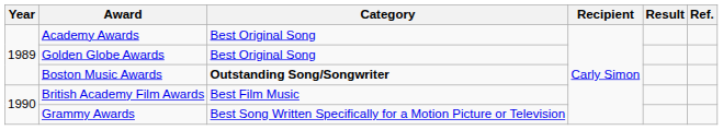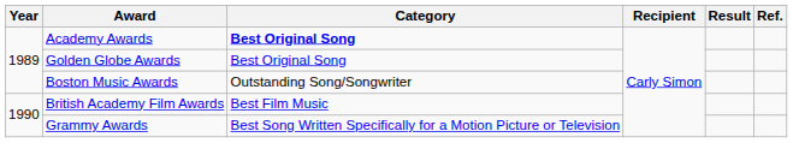 <table class="wikitable">
 <tr>
 <th>Year</th>
 <th>Award</th>
 <th>Category</th>
 <th>Recipient</th>
 <th>Result</th>
 <th>Ref.</th>
 </tr>
 <tr>
 <td align="left" rowspan="3">1989</td>
 <td><a href='#'>Academy Awards</a></td>
-<td><a href='#'>Best Original Song</a></td>
+<td><strong><a href='#'>Best Original Song</a></strong></td>
 <td align="left" rowspan="5"><a href='#'>Carly Simon</a></td>
 <td></td>
 <td align="center"></td>
 </tr>
 <tr>
 <td><a href='#'>Golden Globe Awards</a></td>
 <td><a href='#'>Best Original Song</a></td>
 <td></td>
 <td align="center"></td>
 </tr>
 <tr>
 <td><a href='#'>Boston Music Awards</a></td>
-<td><strong>Outstanding Song/Songwriter</strong></td>
+<td>Outstanding Song/Songwriter</td>
 <td></td>
 <td align="center"></td>
 </tr>
 <tr>
 <td align="left" rowspan="2">1990</td>
 <td><a href='#'>British Academy Film Awards</a></td>
 <td><a href='#'>Best Film Music</a></td>
 <td></td>
 <td align="center"></td>
 </tr>
 <tr>
 <td><a href='#'>Grammy Awards</a></td>
 <td><a href='#'>Best Song Written Specifically for a Motion Picture or Television</a></td>
 <td></td>
 <td align="center"></td>
 </tr>
 </table>
